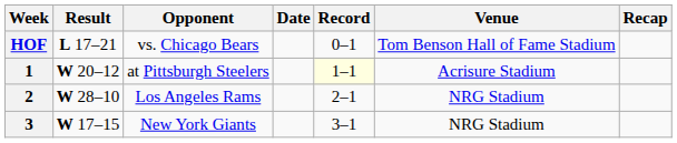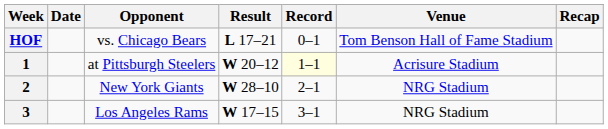 <table class="wikitable" style="text-align:center">
 <tr>
 <th>Week</th>
+<th>Date</th>
+<th>Opponent</th>
 <th>Result</th>
-<th>Opponent</th>
-<th>Date</th>
 <th>Record</th>
 <th>Venue</th>
 <th>Recap</th>
 </tr>
 <tr>
 <th><a href='#'>HOF</a></th>
+<td></td>
+<td>vs. <a href='#'>Chicago Bears</a></td>
 <td><strong>L</strong> 17–21</td>
-<td>vs. <a href='#'>Chicago Bears</a></td>
-<td></td>
 <td>0–1</td>
 <td><a href='#'>Tom Benson Hall of Fame Stadium</a></td>
 <td></td>
 </tr>
 <tr>
 <th>1</th>
+<td></td>
+<td>at <a href='#'>Pittsburgh Steelers</a></td>
 <td><strong>W</strong> 20–12</td>
-<td>at <a href='#'>Pittsburgh Steelers</a></td>
-<td></td>
 <td style="background: lightyellow;">1–1</td>
 <td><a href='#'>Acrisure Stadium</a></td>
 <td></td>
 </tr>
 <tr>
 <th>2</th>
+<td></td>
+<td><a href='#'>New York Giants</a></td>
 <td><strong>W</strong> 28–10</td>
-<td><a href='#'>Los Angeles Rams</a></td>
-<td></td>
 <td>2–1</td>
 <td><a href='#'>NRG Stadium</a></td>
 <td></td>
 </tr>
 <tr>
 <th>3</th>
+<td></td>
+<td><a href='#'>Los Angeles Rams</a></td>
 <td><strong>W</strong> 17–15</td>
-<td><a href='#'>New York Giants</a></td>
-<td></td>
 <td>3–1</td>
 <td>NRG Stadium</td>
 <td></td>
 </tr>
 </table>
